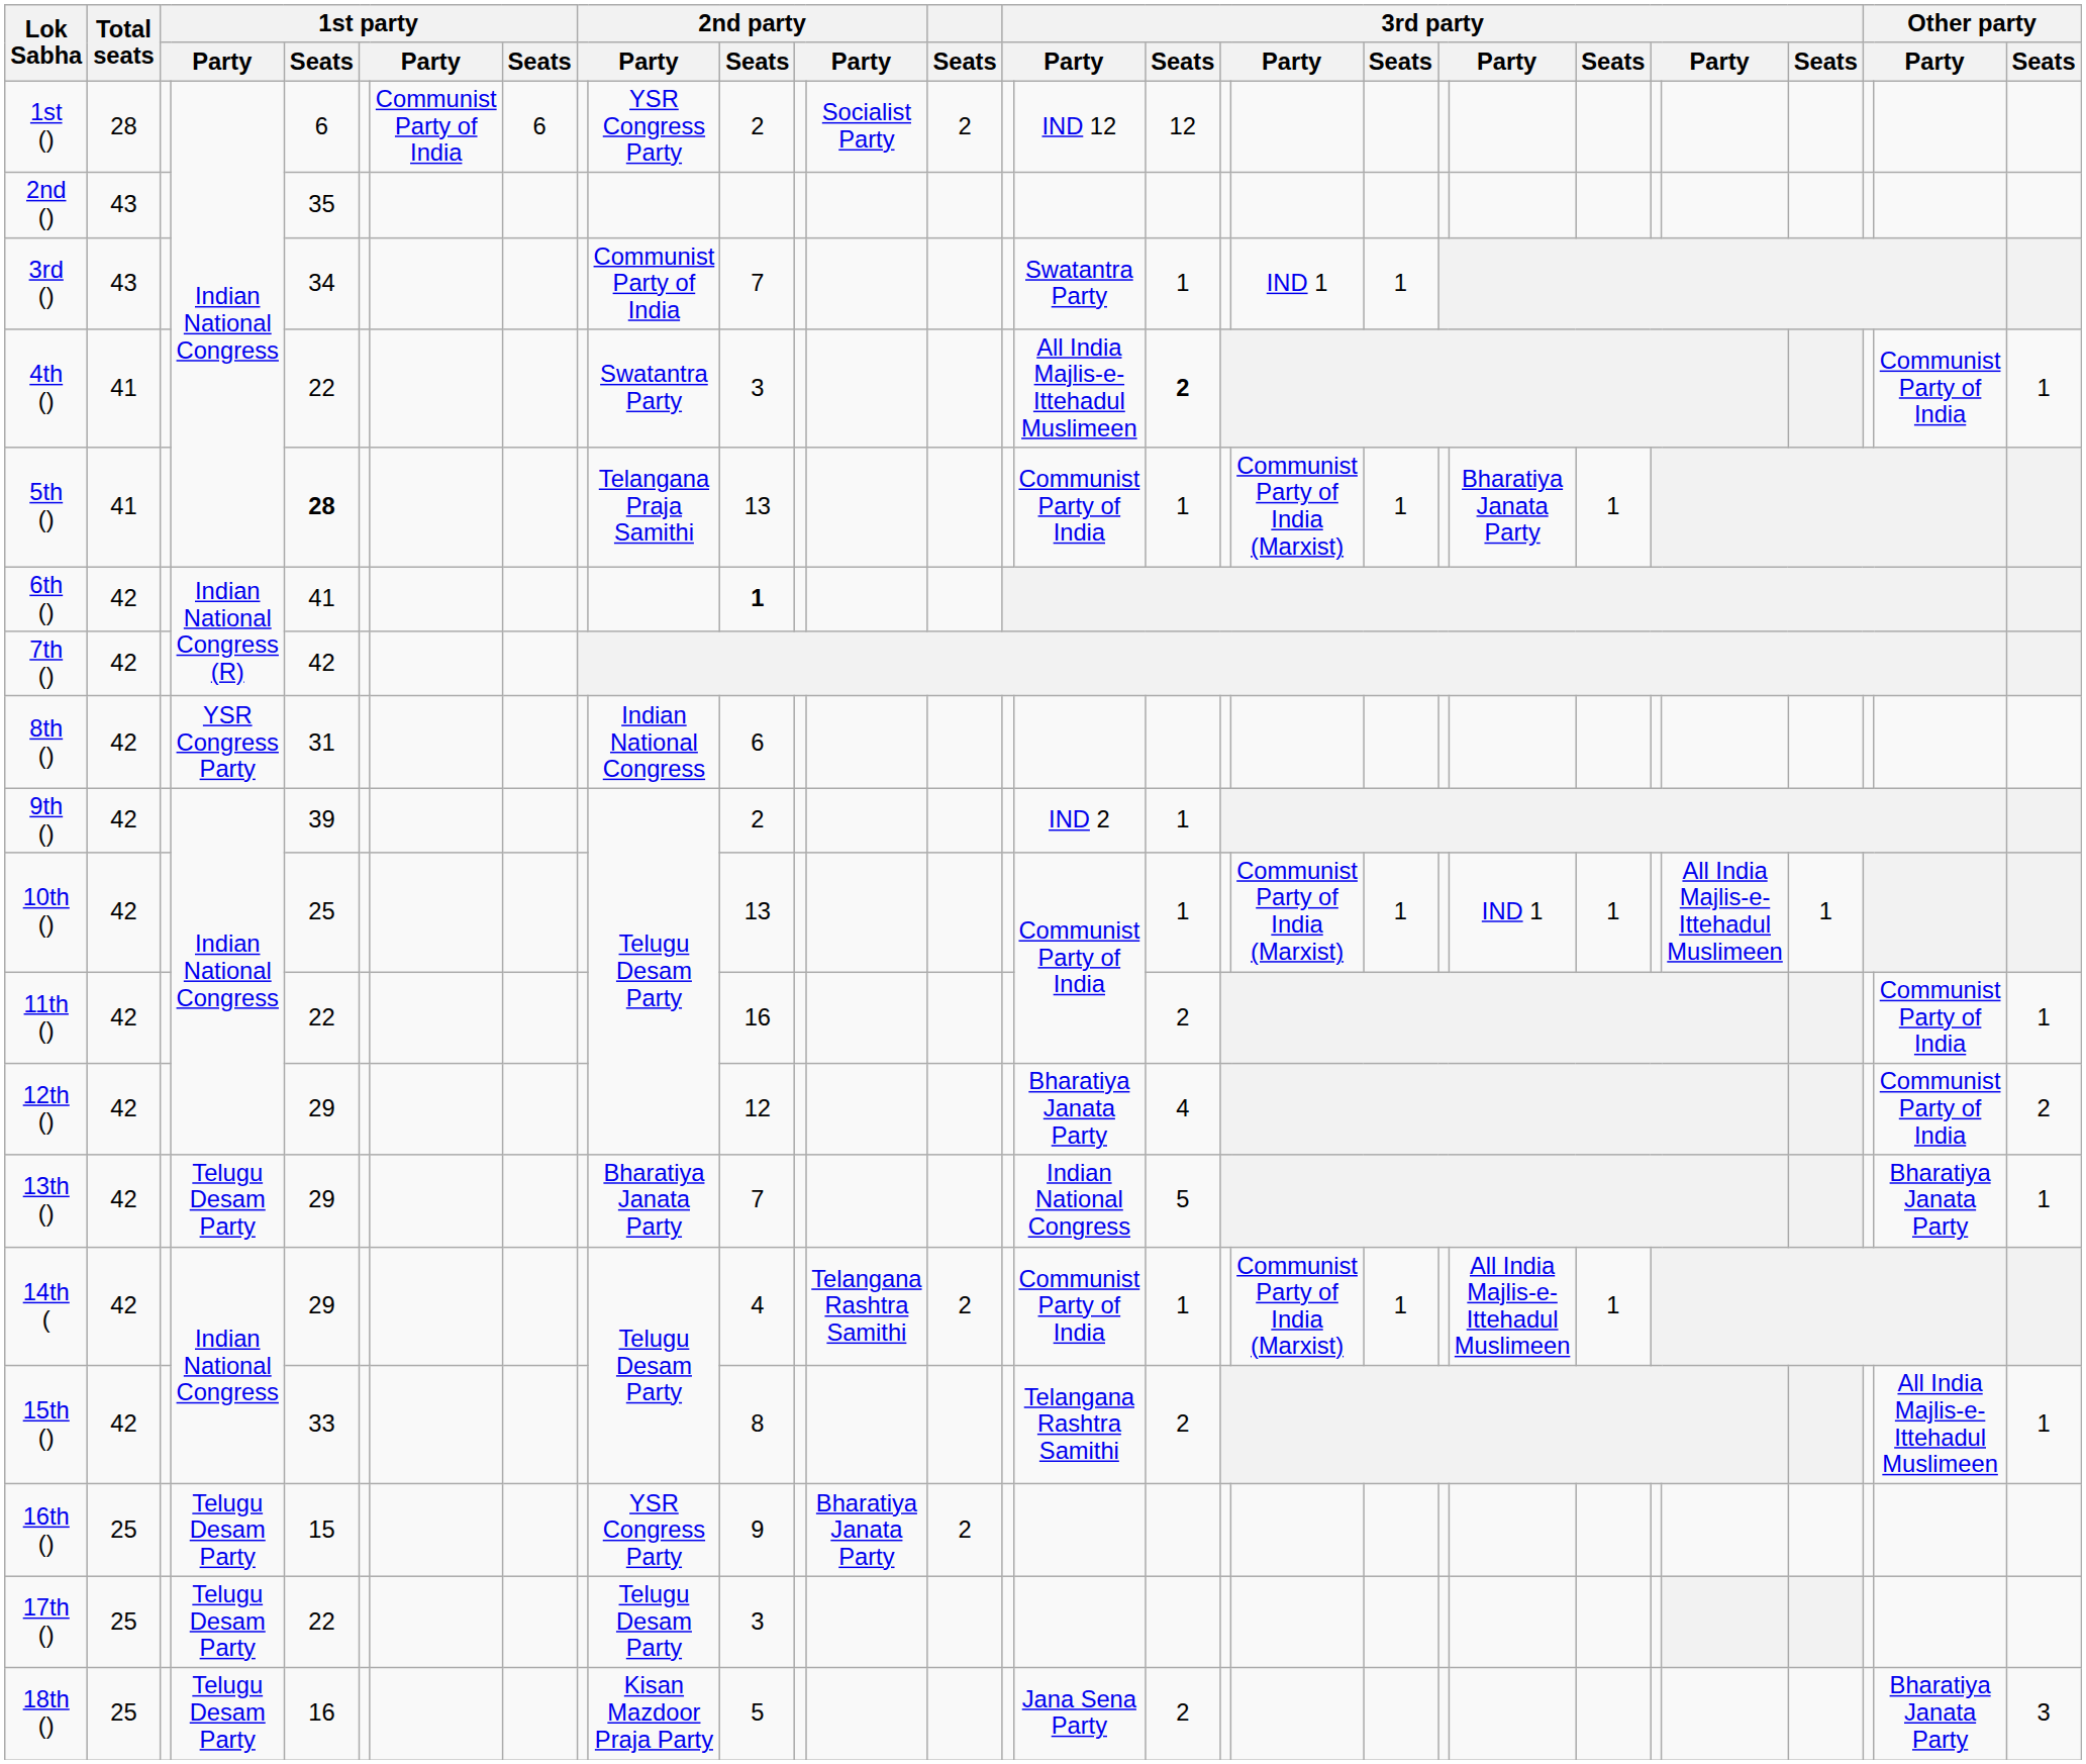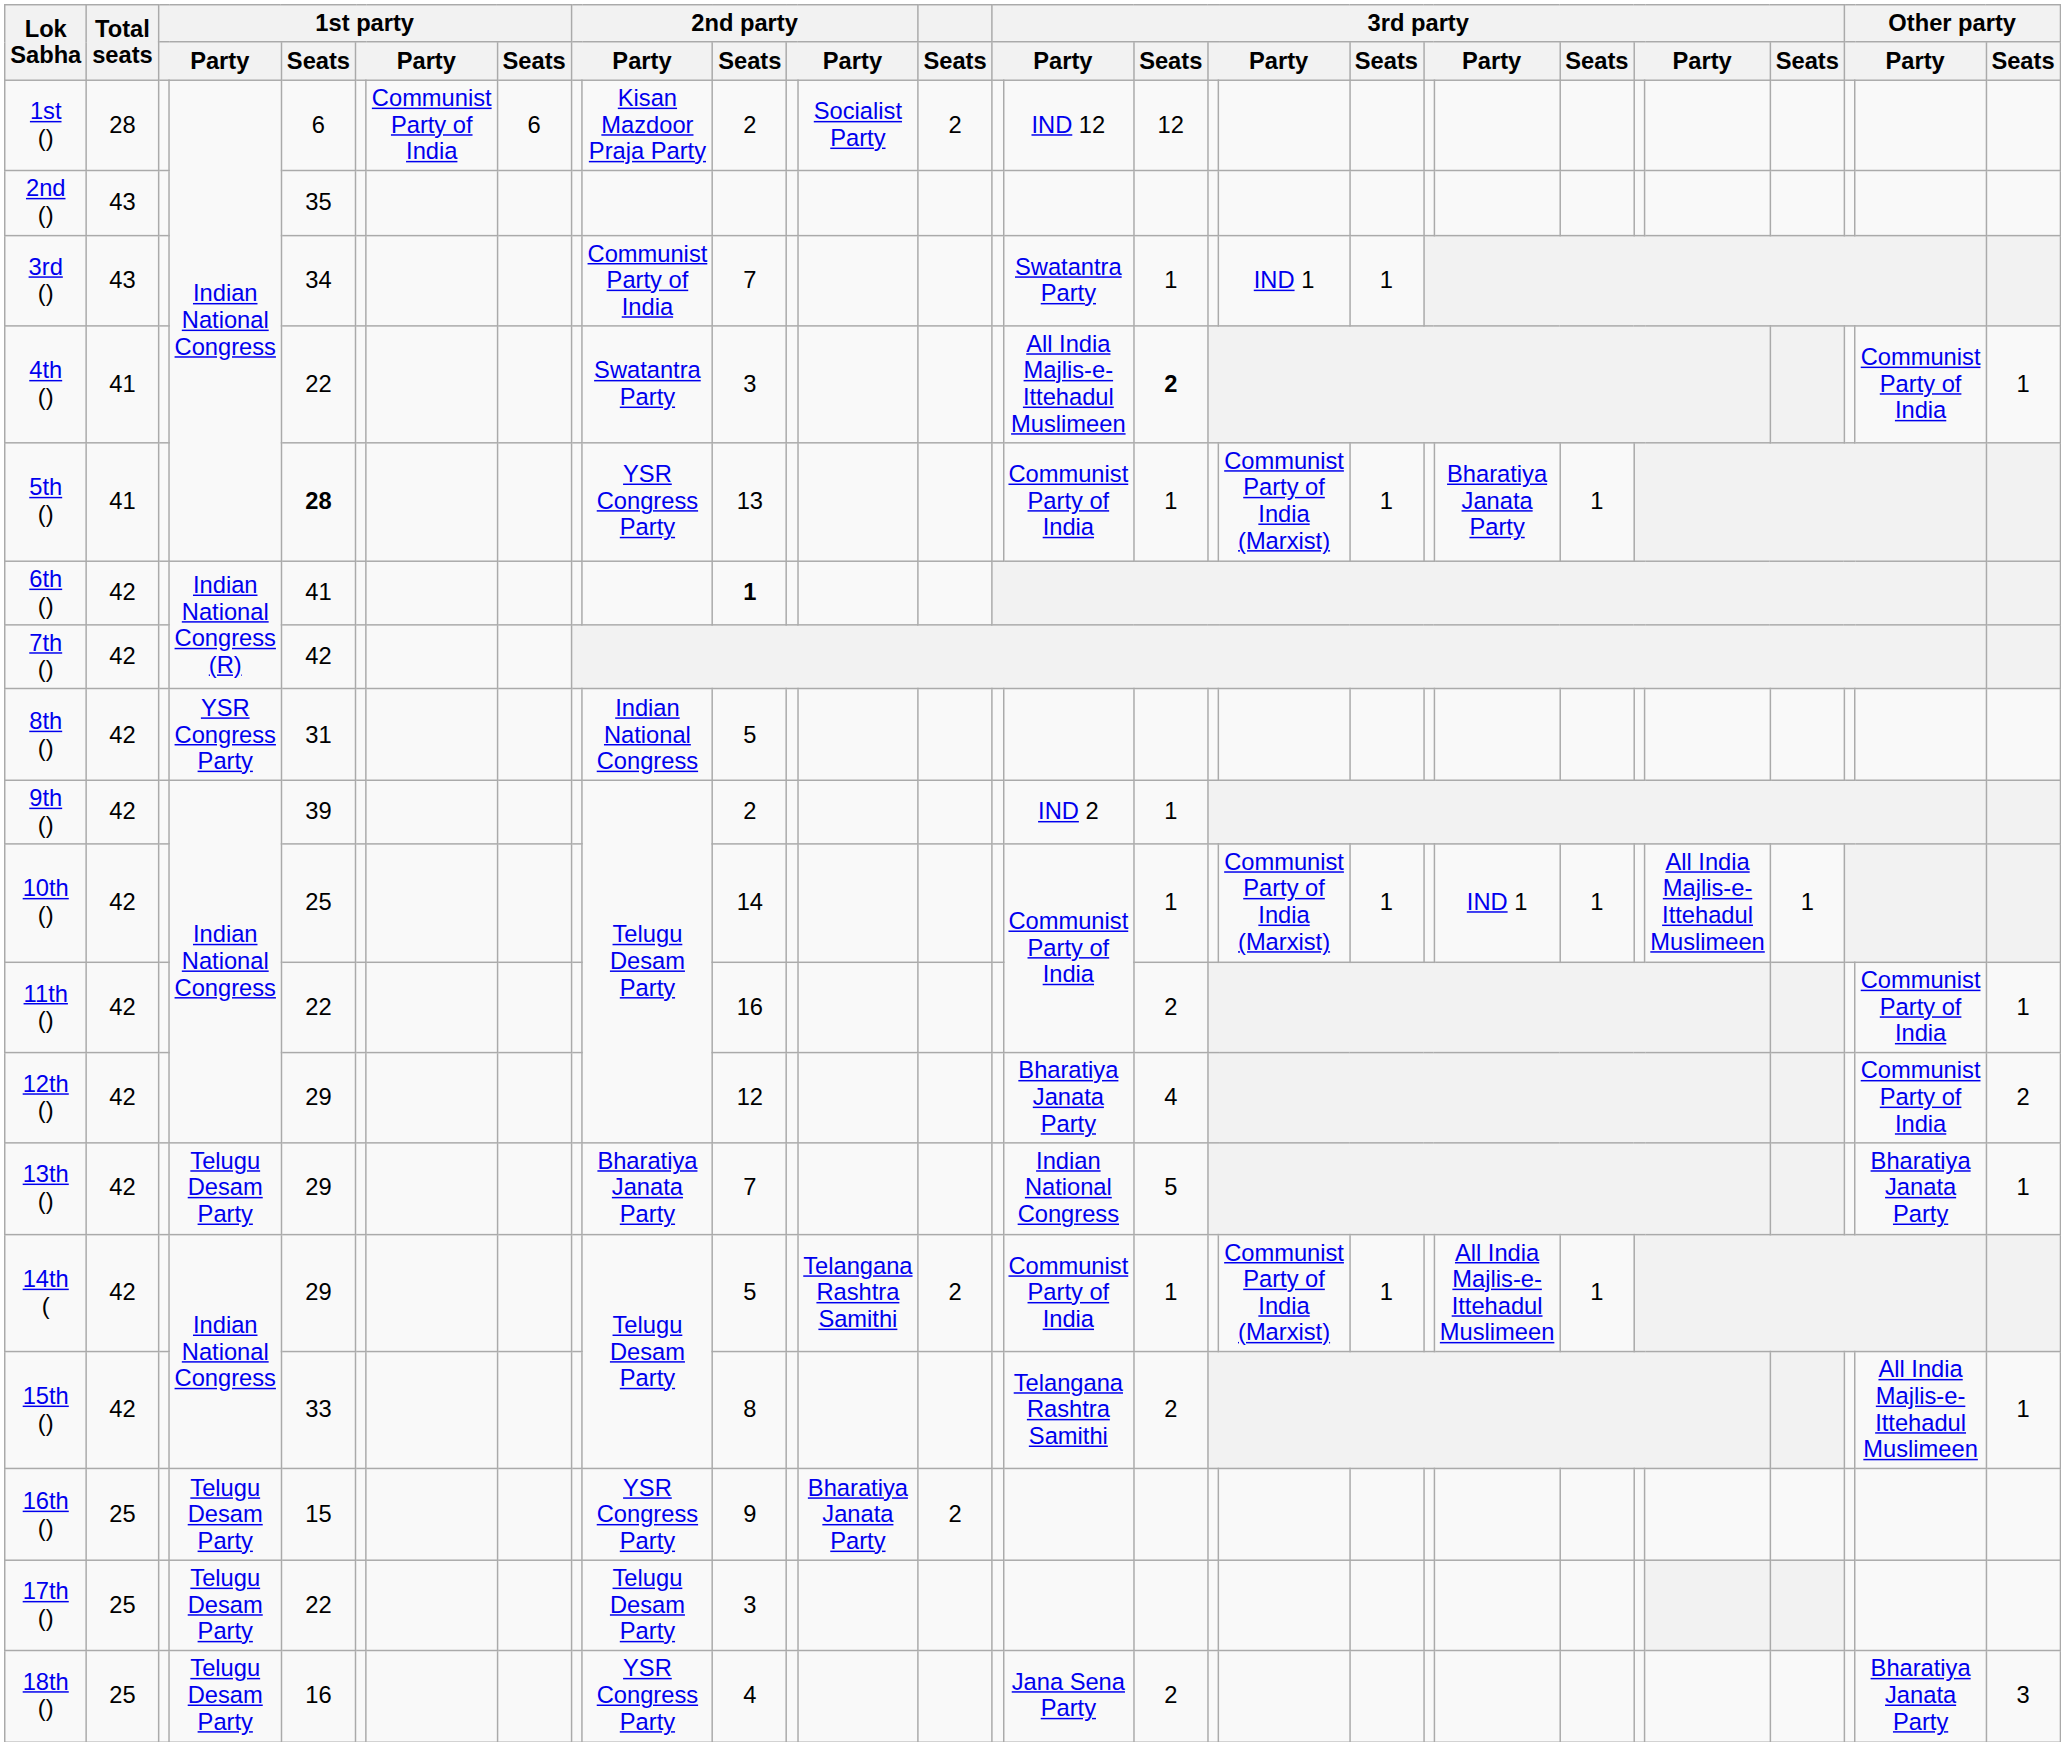 <table class="wikitable" style="text-align:center">
 <tr>
 <th rowspan="2">Lok Sabha<br></th>
 <th rowspan="2">Total seats</th>
 <th colspan="6">1st party</th>
 <th colspan="5">2nd party</th>
 <th></th>
 <th colspan="12">3rd party</th>
 <th colspan="3">Other party</th>
 </tr>
 <tr>
 <th colspan="2">Party</th>
 <th>Seats</th>
 <th colspan="2">Party</th>
 <th>Seats</th>
 <th colspan="2">Party</th>
 <th>Seats</th>
 <th colspan="2">Party</th>
 <th>Seats</th>
 <th colspan="2">Party</th>
 <th>Seats</th>
 <th colspan="2">Party</th>
 <th>Seats</th>
 <th colspan="2">Party</th>
 <th>Seats</th>
 <th colspan="2">Party</th>
 <th>Seats</th>
 <th colspan="2">Party</th>
 <th>Seats</th>
 </tr>
 <tr>
 <td><a href='#'>1st</a><br>()</td>
 <td>28</td>
 <td style="background-color: "></td>
 <td rowspan="5"><a href='#'>Indian National Congress</a></td>
 <td>6</td>
 <td style="background-color: "></td>
 <td><a href='#'>Communist Party of India</a></td>
 <td>6</td>
 <td style="background-color: "></td>
-<td><a href='#'>YSR Congress Party</a></td>
+<td><a href='#'>Kisan Mazdoor Praja Party</a></td>
 <td>2</td>
 <td style="background-color: "></td>
 <td><a href='#'>Socialist Party</a></td>
 <td>2</td>
 <td style="background-color: "></td>
 <td><a href='#'>IND</a> 12</td>
 <td>12</td>
 <td></td>
 <td></td>
 <td></td>
 <td></td>
 <td></td>
 <td></td>
 <td></td>
 <td></td>
 <td></td>
 <td></td>
 <td></td>
 <td></td>
 </tr>
 <tr>
 <td><a href='#'>2nd</a><br>()</td>
 <td>43</td>
 <td style="background-color: "></td>
 <td>35</td>
 <td></td>
 <td></td>
 <td></td>
 <td></td>
 <td></td>
 <td></td>
 <td></td>
 <td></td>
 <td></td>
 <td></td>
 <td></td>
 <td></td>
 <td></td>
 <td></td>
 <td></td>
 <td></td>
 <td></td>
 <td></td>
 <td></td>
 <td></td>
 <td></td>
 <td></td>
 <td></td>
 <td></td>
 </tr>
 <tr>
 <td><a href='#'>3rd</a><br>()</td>
 <td>43</td>
 <td style="background-color: "></td>
 <td>34</td>
 <td></td>
 <td></td>
 <td></td>
 <td style="background-color: "></td>
 <td><a href='#'>Communist Party of India</a></td>
 <td>7</td>
 <td></td>
 <td></td>
 <td></td>
 <td style="background-color: "></td>
 <td><a href='#'>Swatantra Party</a></td>
 <td>1</td>
 <td style="background-color: "></td>
 <td><a href='#'>IND</a> 1</td>
 <td>1</td>
 <th colspan="8"></th>
 <th></th>
 </tr>
 <tr>
 <td><a href='#'>4th</a><br>()</td>
 <td>41</td>
 <td style="background-color: "></td>
 <td>22</td>
 <td></td>
 <td></td>
 <td></td>
 <td style="background-color: "></td>
 <td><a href='#'>Swatantra Party</a></td>
 <td>3</td>
 <td></td>
 <td></td>
 <td></td>
 <td style="background-color: "></td>
 <td><a href='#'>All India Majlis-e-Ittehadul Muslimeen</a></td>
 <td><strong>2</strong></td>
 <th colspan="8"></th>
 <th></th>
 <td style="background-color: "></td>
 <td><a href='#'>Communist Party of India</a></td>
 <td>1</td>
 </tr>
 <tr>
 <td><a href='#'>5th</a><br>()</td>
 <td>41</td>
 <td style="background-color: "></td>
 <td><strong>28</strong></td>
 <td></td>
 <td></td>
 <td></td>
 <td style="background-color: "></td>
-<td><a href='#'>Telangana Praja Samithi</a></td>
+<td><a href='#'>YSR Congress Party</a></td>
 <td>13</td>
 <td></td>
 <td></td>
 <td></td>
 <td style="background-color: "></td>
 <td><a href='#'>Communist Party of India</a></td>
 <td>1</td>
 <td style="background-color: "></td>
 <td><a href='#'>Communist Party of India (Marxist)</a></td>
 <td>1</td>
 <td style="background-color: "></td>
 <td><a href='#'>Bharatiya Janata Party</a></td>
 <td>1</td>
 <th colspan="5"></th>
 <th></th>
 </tr>
 <tr>
 <td><a href='#'>6th</a><br>()</td>
 <td>42</td>
 <td style="background-color: "></td>
 <td rowspan="2"><a href='#'>Indian National Congress (R)</a></td>
 <td>41</td>
 <td></td>
 <td></td>
 <td></td>
 <td style="background-color: "></td>
 <td></td>
 <td><strong>1</strong></td>
 <td></td>
 <td></td>
 <td></td>
 <th colspan="14"></th>
 <th></th>
 </tr>
 <tr>
 <td><a href='#'>7th</a><br>()</td>
 <td>42</td>
 <td style="background-color: "></td>
 <td>42</td>
 <td></td>
 <td></td>
 <td></td>
 <th colspan="20"></th>
 <th></th>
 </tr>
 <tr>
 <td><a href='#'>8th</a><br>()</td>
 <td>42</td>
 <td style="background-color: "></td>
 <td><a href='#'>YSR Congress Party</a></td>
 <td>31</td>
 <td></td>
 <td></td>
 <td></td>
 <td style="background-color: "></td>
 <td><a href='#'>Indian National Congress</a></td>
-<td>6</td>
+<td>5</td>
 <td></td>
 <td></td>
 <td></td>
 <td></td>
 <td></td>
 <td></td>
 <td></td>
 <td></td>
 <td></td>
 <td></td>
 <td></td>
 <td></td>
 <td></td>
 <td></td>
 <td></td>
 <td></td>
 <td></td>
 <td></td>
 </tr>
 <tr>
 <td><a href='#'>9th</a><br>()</td>
 <td>42</td>
 <td style="background-color: "></td>
 <td rowspan="4"><a href='#'>Indian National Congress</a></td>
 <td>39</td>
 <td></td>
 <td></td>
 <td></td>
 <td style="background-color: "></td>
 <td rowspan="4"><a href='#'>Telugu Desam Party</a></td>
 <td>2</td>
 <td></td>
 <td></td>
 <td></td>
 <td style="background-color: "></td>
 <td><a href='#'>IND</a> 2</td>
 <td>1</td>
 <th colspan="11"></th>
 <th></th>
 </tr>
 <tr>
 <td><a href='#'>10th</a><br>()</td>
 <td>42</td>
 <td style="background-color: "></td>
 <td>25</td>
 <td></td>
 <td></td>
 <td></td>
 <td style="background-color: "></td>
-<td>13</td>
+<td>14</td>
 <td></td>
 <td></td>
 <td></td>
 <td style="background-color: "></td>
 <td rowspan="2"><a href='#'>Communist Party of India</a></td>
 <td>1</td>
 <td style="background-color: "></td>
 <td><a href='#'>Communist Party of India (Marxist)</a></td>
 <td>1</td>
 <td style="background-color: "></td>
 <td><a href='#'>IND</a> 1</td>
 <td>1</td>
 <td style="background-color: "></td>
 <td><a href='#'>All India Majlis-e-Ittehadul Muslimeen</a></td>
 <td>1</td>
 <th colspan="2"></th>
 <th></th>
 </tr>
 <tr>
 <td><a href='#'>11th</a><br>()</td>
 <td>42</td>
 <td style="background-color: "></td>
 <td>22</td>
 <td></td>
 <td></td>
 <td></td>
 <td style="background-color: "></td>
 <td>16</td>
 <td></td>
 <td></td>
 <td></td>
 <td style="background-color: "></td>
 <td>2</td>
 <th colspan="8"></th>
 <th></th>
 <td style="background-color: "></td>
 <td><a href='#'>Communist Party of India</a></td>
 <td>1</td>
 </tr>
 <tr>
 <td><a href='#'>12th</a><br>()</td>
 <td>42</td>
 <td style="background-color: "></td>
 <td>29</td>
 <td></td>
 <td></td>
 <td></td>
 <td style="background-color: "></td>
 <td>12</td>
 <td></td>
 <td></td>
 <td></td>
 <td style="background-color: "></td>
 <td><a href='#'>Bharatiya Janata Party</a></td>
 <td>4</td>
 <th colspan="8"></th>
 <th></th>
 <td style="background-color: "></td>
 <td><a href='#'>Communist Party of India</a></td>
 <td>2</td>
 </tr>
 <tr>
 <td><a href='#'>13th</a><br>()</td>
 <td>42</td>
 <td style="background-color: "></td>
 <td><a href='#'>Telugu Desam Party</a></td>
 <td>29</td>
 <td></td>
 <td></td>
 <td></td>
 <td style="background-color: "></td>
 <td><a href='#'>Bharatiya Janata Party</a></td>
 <td>7</td>
 <td></td>
 <td></td>
 <td></td>
 <td style="background-color: "></td>
 <td><a href='#'>Indian National Congress</a></td>
 <td>5</td>
 <th colspan="8"></th>
 <th></th>
 <td style="background-color: "></td>
 <td><a href='#'>Bharatiya Janata Party</a></td>
 <td>1</td>
 </tr>
 <tr>
 <td><a href='#'>14th</a><br>(</td>
 <td>42</td>
 <td style="background-color: "></td>
 <td rowspan="2"><a href='#'>Indian National Congress</a></td>
 <td>29</td>
 <td></td>
 <td></td>
 <td></td>
 <td style="background-color: "></td>
 <td rowspan="2"><a href='#'>Telugu Desam Party</a></td>
-<td>4</td>
+<td>5</td>
 <td></td>
 <td><a href='#'>Telangana Rashtra Samithi</a></td>
 <td>2</td>
 <td style="background-color: "></td>
 <td><a href='#'>Communist Party of India</a></td>
 <td>1</td>
 <td style="background-color: "></td>
 <td><a href='#'>Communist Party of India (Marxist)</a></td>
 <td>1</td>
 <td style="background-color: "></td>
 <td><a href='#'>All India Majlis-e-Ittehadul Muslimeen</a></td>
 <td>1</td>
 <th colspan="5"></th>
 <th></th>
 </tr>
 <tr>
 <td><a href='#'>15th</a><br>()</td>
 <td>42</td>
 <td style="background-color: "></td>
 <td>33</td>
 <td></td>
 <td></td>
 <td></td>
 <td style="background-color: "></td>
 <td>8</td>
 <td></td>
 <td></td>
 <td></td>
 <td style="background-color: "></td>
 <td><a href='#'>Telangana Rashtra Samithi</a></td>
 <td>2</td>
 <th colspan="8"></th>
 <th></th>
 <td style="background-color: "></td>
 <td><a href='#'>All India Majlis-e-Ittehadul Muslimeen</a></td>
 <td>1</td>
 </tr>
 <tr>
 <td><a href='#'>16th</a><br>()</td>
 <td>25</td>
 <td style="background-color: "></td>
 <td><a href='#'>Telugu Desam Party</a></td>
 <td>15</td>
 <td></td>
 <td></td>
 <td></td>
 <td style="background-color: "></td>
 <td><a href='#'>YSR Congress Party</a></td>
 <td>9</td>
 <td></td>
 <td><a href='#'>Bharatiya Janata Party</a></td>
 <td>2</td>
 <td></td>
 <td></td>
 <td></td>
 <td></td>
 <td></td>
 <td></td>
 <td></td>
 <td></td>
 <td></td>
 <td></td>
 <td></td>
 <td></td>
 <td></td>
 <td></td>
 <td></td>
 </tr>
 <tr>
 <td><a href='#'>17th</a><br>()</td>
 <td>25</td>
 <td style="background-color: "></td>
 <td><a href='#'>Telugu Desam Party</a></td>
 <td>22</td>
 <td></td>
 <td></td>
 <td></td>
 <td style="background-color: "></td>
 <td><a href='#'>Telugu Desam Party</a></td>
 <td>3</td>
 <td></td>
 <td></td>
 <td></td>
 <td></td>
 <td></td>
 <td></td>
 <td></td>
 <td></td>
 <td></td>
 <td></td>
 <td></td>
 <td></td>
 <td></td>
 <th></th>
 <th></th>
 <td></td>
 <td></td>
 <td></td>
 </tr>
 <tr>
 <td><a href='#'>18th</a><br>()</td>
 <td>25</td>
 <td style="background-color: "></td>
 <td><a href='#'>Telugu Desam Party</a></td>
 <td>16</td>
 <td></td>
 <td></td>
 <td></td>
 <td style="background-color: "></td>
-<td><a href='#'>Kisan Mazdoor Praja Party</a></td>
-<td>5</td>
+<td><a href='#'>YSR Congress Party</a></td>
+<td>4</td>
 <td></td>
 <td></td>
 <td></td>
 <td style="background-color: "></td>
 <td><a href='#'>Jana Sena Party</a></td>
 <td>2</td>
 <td></td>
 <td></td>
 <td></td>
 <td></td>
 <td></td>
 <td></td>
 <td></td>
 <td></td>
 <td></td>
 <td style="background-color: "></td>
 <td><a href='#'>Bharatiya Janata Party</a></td>
 <td>3</td>
 </tr>
 </table>
